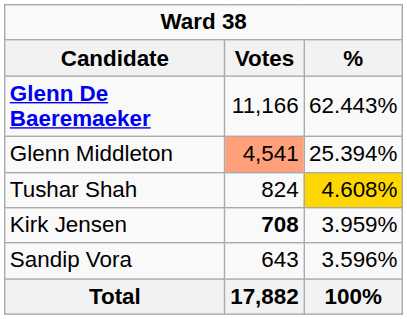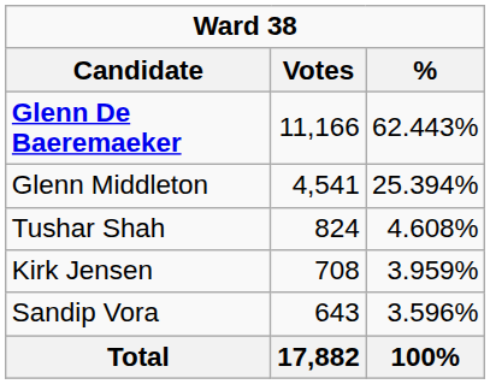 <table class="wikitable">
 <tr>
 <td Colspan="3" align="center"><strong>Ward 38</strong></td>
 </tr>
 <tr>
 <th bgcolor="#DDDDFF" width="150px">Candidate</th>
 <th bgcolor="#DDDDFF">Votes</th>
 <th bgcolor="#DDDDFF">%</th>
 </tr>
 <tr>
 <td><strong><a href='#'>Glenn De Baeremaeker</a></strong></td>
 <td align=right>11,166</td>
 <td align=right>62.443%</td>
 </tr>
 <tr>
 <td>Glenn Middleton</td>
-<td align=right style="background: lightsalmon;">4,541</td>
+<td align=right>4,541</td>
 <td align=right>25.394%</td>
 </tr>
 <tr>
 <td>Tushar Shah</td>
 <td align=right>824</td>
-<td align=right style="background: gold;">4.608%</td>
+<td align=right>4.608%</td>
 </tr>
 <tr>
 <td>Kirk Jensen</td>
-<td align=right><strong>708</strong></td>
+<td align=right>708</td>
 <td align=right>3.959%</td>
 </tr>
 <tr>
 <td>Sandip Vora</td>
 <td align=right>643</td>
 <td align=right>3.596%</td>
 </tr>
 <tr>
 <th>Total</th>
 <th align=right>17,882</th>
 <th align=right>100%</th>
 </tr>
 </table>
